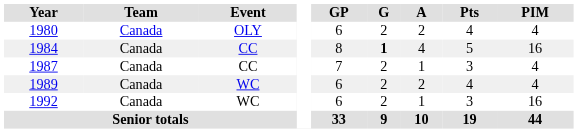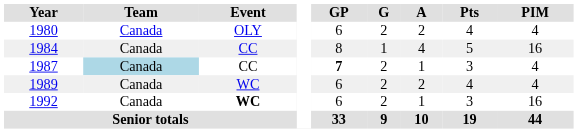 <table border="0" cellpadding="1" cellspacing="0" style="text-align:center; width:40em">
 <tr ALIGN="centre" bgcolor="#e0e0e0">
 <th>Year</th>
 <th>Team</th>
 <th>Event</th>
 <th rowspan="99" bgcolor="#ffffff"> </th>
 <th>GP</th>
 <th>G</th>
 <th>A</th>
 <th>Pts</th>
 <th>PIM</th>
 </tr>
 <tr>
 <td><a href='#'>1980</a></td>
 <td><a href='#'>Canada</a></td>
 <td><a href='#'>OLY</a></td>
 <td>6</td>
 <td>2</td>
 <td>2</td>
 <td>4</td>
 <td>4</td>
 </tr>
 <tr bgcolor="#f0f0f0">
 <td><a href='#'>1984</a></td>
 <td>Canada</td>
 <td><a href='#'>CC</a></td>
 <td>8</td>
-<td><strong>1</strong></td>
+<td>1</td>
 <td>4</td>
 <td>5</td>
 <td>16</td>
 </tr>
 <tr>
 <td><a href='#'>1987</a></td>
-<td>Canada</td>
+<td style="background: lightblue;">Canada</td>
 <td>CC</td>
-<td>7</td>
+<td><strong>7</strong></td>
 <td>2</td>
 <td>1</td>
 <td>3</td>
 <td>4</td>
 </tr>
 <tr bgcolor="#f0f0f0">
 <td><a href='#'>1989</a></td>
 <td>Canada</td>
 <td><a href='#'>WC</a></td>
 <td>6</td>
 <td>2</td>
 <td>2</td>
 <td>4</td>
 <td>4</td>
 </tr>
 <tr>
 <td><a href='#'>1992</a></td>
 <td>Canada</td>
-<td>WC</td>
+<td><strong>WC</strong></td>
 <td>6</td>
 <td>2</td>
 <td>1</td>
 <td>3</td>
 <td>16</td>
 </tr>
 <tr bgcolor="#e0e0e0">
 <th colspan=3>Senior totals</th>
 <th>33</th>
 <th>9</th>
 <th>10</th>
 <th>19</th>
 <th>44</th>
 </tr>
 </table>
